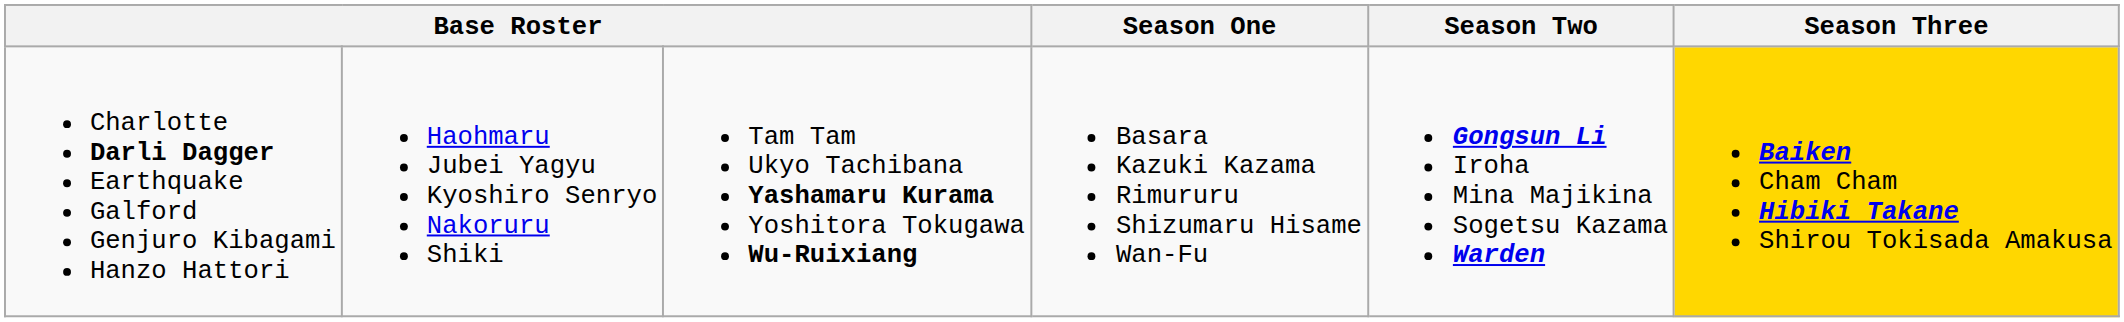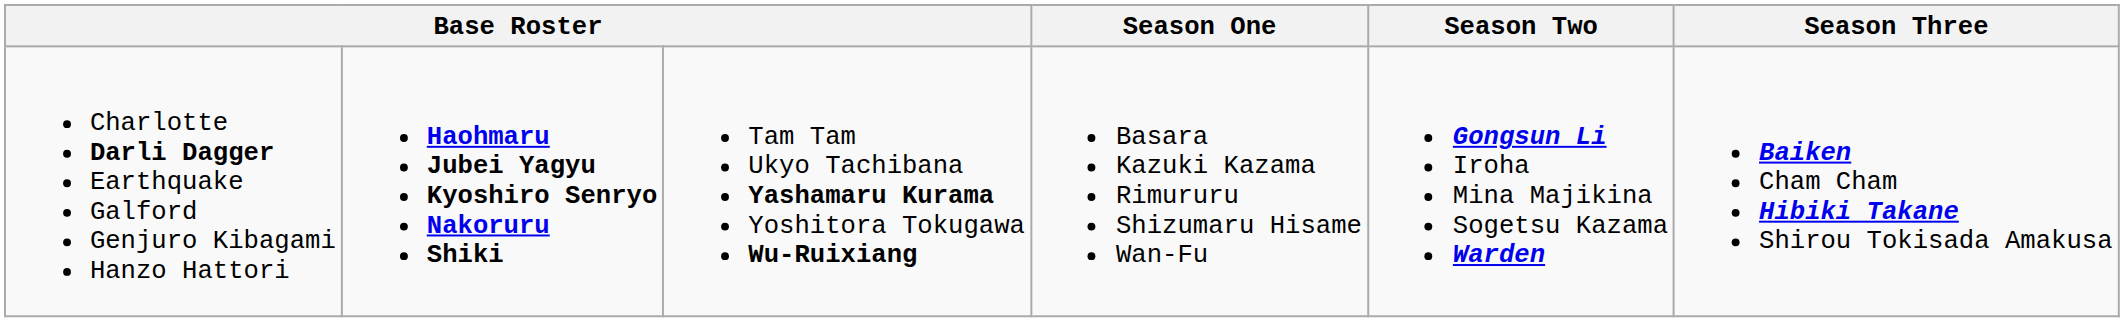 <table class="wikitable">
 <tr>
 <th colspan="3">Base Roster</th>
 <th>Season One</th>
 <th>Season Two</th>
 <th>Season Three</th>
 </tr>
 <tr>
 <td><br><ul><li>Charlotte</li><li><strong>Darli Dagger</strong></li><li>Earthquake</li><li>Galford</li><li>Genjuro Kibagami</li><li>Hanzo Hattori</li></ul></td>
-<td><br><ul><li><a href='#'>Haohmaru</a></li><li>Jubei Yagyu</li><li>Kyoshiro Senryo</li><li><a href='#'>Nakoruru</a></li><li>Shiki</li></ul></td>
+<td><strong><br><ul><li><a href='#'>Haohmaru</a></li><li>Jubei Yagyu</li><li>Kyoshiro Senryo</li><li><a href='#'>Nakoruru</a></li><li>Shiki</li></ul></strong></td>
 <td><br><ul><li>Tam Tam</li><li>Ukyo Tachibana</li><li><strong>Yashamaru Kurama</strong></li><li>Yoshitora Tokugawa</li><li><strong>Wu-Ruixiang</strong></li></ul></td>
 <td><br><ul><li>Basara</li><li>Kazuki Kazama</li><li>Rimururu</li><li>Shizumaru Hisame</li><li>Wan-Fu</li></ul></td>
 <td><br><ul><li><strong><em><a href='#'>Gongsun Li</a></em></strong></li><li>Iroha</li><li>Mina Majikina</li><li>Sogetsu Kazama</li><li><strong><em><a href='#'>Warden</a></em></strong></li></ul></td>
-<td style="background: gold;"><br><ul><li><strong><em><a href='#'>Baiken</a></em></strong></li><li>Cham Cham</li><li><strong><em><a href='#'>Hibiki Takane</a></em></strong></li><li>Shirou Tokisada Amakusa</li></ul></td>
+<td><br><ul><li><strong><em><a href='#'>Baiken</a></em></strong></li><li>Cham Cham</li><li><strong><em><a href='#'>Hibiki Takane</a></em></strong></li><li>Shirou Tokisada Amakusa</li></ul></td>
 </tr>
 </table>
